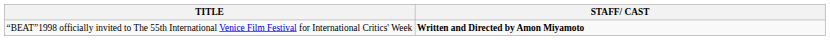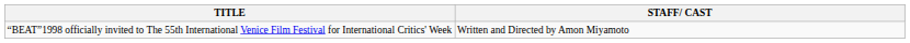 <table class="wikitable"  style="font-size:90%; width:100%;">
 <tr>
 <th>TITLE</th>
 <th>STAFF/ CAST</th>
 </tr>
 <tr valign="top">
 <td style="width:50%">“BEAT”1998 officially invited to The 55th International <a href='#'>Venice Film Festival</a> for International Critics' Week</td>
-<td><strong>Written and Directed by Amon Miyamoto</strong></td>
+<td>Written and Directed by Amon Miyamoto</td>
 </tr>
 </table>
